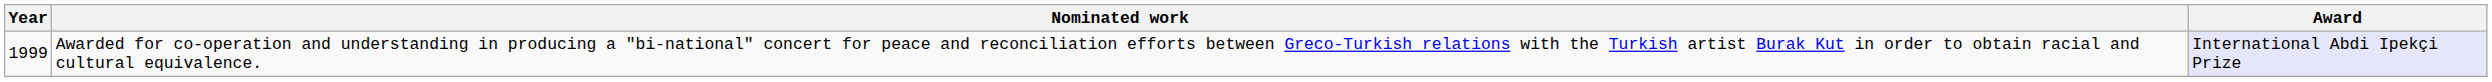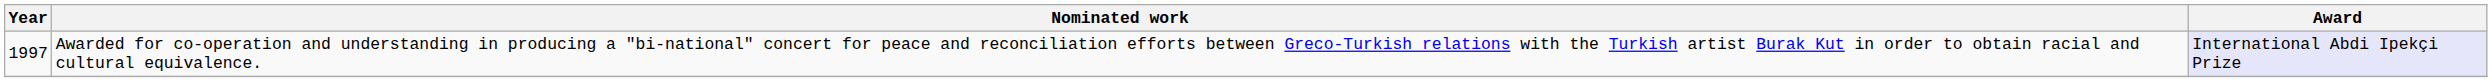 <table class="wikitable">
 <tr>
 <th>Year</th>
 <th>Nominated work</th>
 <th>Award</th>
 </tr>
 <tr>
-<td>1999</td>
+<td>1997</td>
 <td>Awarded for co-operation and understanding in producing a "bi-national" concert for peace and reconciliation efforts between <a href='#'>Greco-Turkish relations</a> with the <a href='#'>Turkish</a> artist <a href='#'>Burak Kut</a> in order to obtain racial and cultural equivalence.</td>
 <td style="background: lavender;">International Abdi Ipekçi Prize</td>
 </tr>
 <tr>
 </tr>
 </table>
